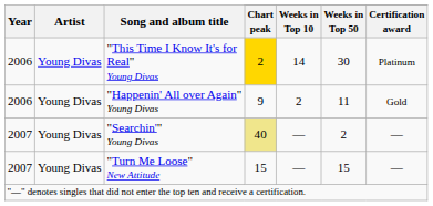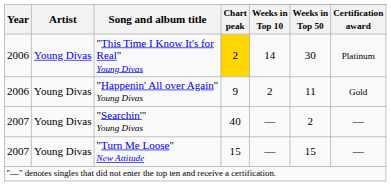 <table class="wikitable">
 <tr>
 <th rowspan="2">Year</th>
 <th rowspan="2">Artist</th>
 <th rowspan="2">Song and album title</th>
 </tr>
 <tr>
 <th><small>Chart<br>peak</small></th>
 <th><small>Weeks in<br>Top 10</small></th>
 <th><small>Weeks in<br>Top 50</small></th>
 <th><small>Certification<br>award</small></th>
 </tr>
 <tr>
 <td>2006</td>
 <td><a href='#'>Young Divas</a></td>
 <td>"<a href='#'>This Time I Know It's for <br>Real</a>"<br><small> <em><a href='#'>Young Divas</a></em></small></td>
 <td style="background: gold; text-align:center;">2</td>
 <td style="text-align:center;">14</td>
 <td style="text-align:center;">30</td>
 <td style="text-align:center;"><small>Platinum</small></td>
 </tr>
 <tr>
 <td>2006</td>
 <td>Young Divas</td>
 <td>"<a href='#'>Happenin' All over Again</a>"<br><small><em>Young Divas</em></small></td>
 <td style="text-align:center;">9</td>
 <td style="text-align:center;">2</td>
 <td style="text-align:center;">11</td>
 <td style="text-align:center;"><small>Gold</small></td>
 </tr>
 <tr>
 <td>2007</td>
 <td>Young Divas</td>
 <td>"<a href='#'>Searchin'</a>"<br><small> <em>Young Divas</em></small></td>
-<td style="background: khaki; text-align:center;">40</td>
+<td style="text-align:center;">40</td>
 <td style="text-align:center;">—</td>
 <td style="text-align:center;">2</td>
 <td style="text-align:center;">—</td>
 </tr>
 <tr>
 <td>2007</td>
 <td>Young Divas</td>
 <td>"<a href='#'>Turn Me Loose</a>"<br><small><em><a href='#'>New Attitude</a></em></small></td>
 <td style="text-align:center;">15</td>
 <td style="text-align:center;">—</td>
 <td style="text-align:center;">15</td>
 <td style="text-align:center;">—</td>
 </tr>
 <tr>
 <td colspan="7" style="font-size:80%" style="text-align:center;">"—" denotes singles that did not enter the top ten and receive a certification.</td>
 </tr>
 </table>
